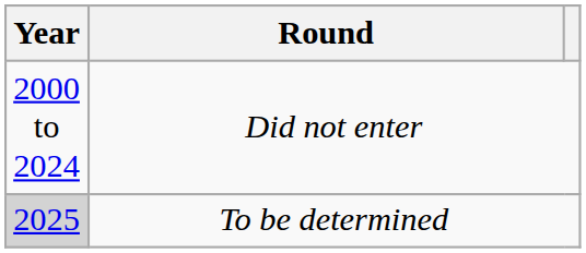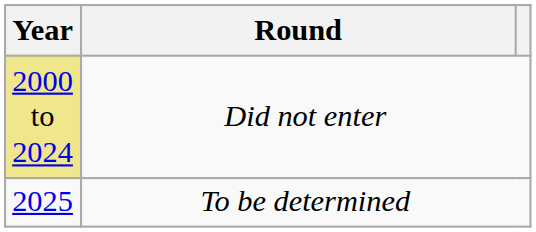 <table class="wikitable" style="text-align: center; font-size:90%">
 <tr>
 <th>Year</th>
 <th style="width:200px">Round</th>
 <th></th>
 </tr>
 <tr>
-<td><a href='#'>2000</a><br>to<br><a href='#'>2024</a></td>
+<td style="background: khaki;"><a href='#'>2000</a><br>to<br><a href='#'>2024</a></td>
 <td colspan="2"><em>Did not enter</em></td>
 </tr>
 <tr>
-<td style="background: lightgrey;"><a href='#'>2025</a></td>
+<td><a href='#'>2025</a></td>
 <td colspan="2"><em>To be determined</em></td>
 </tr>
 </table>
